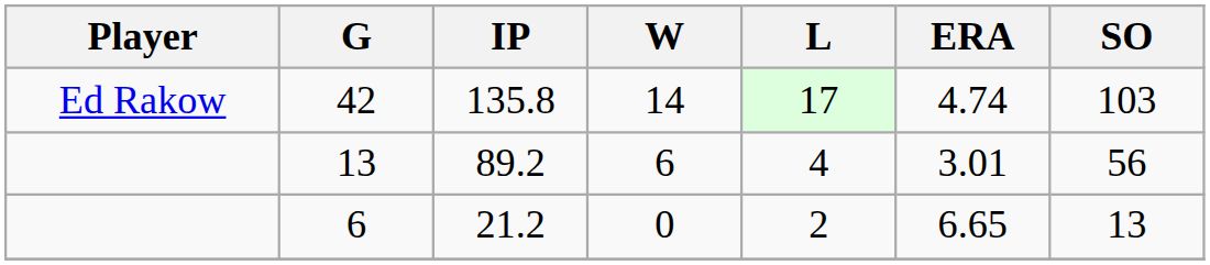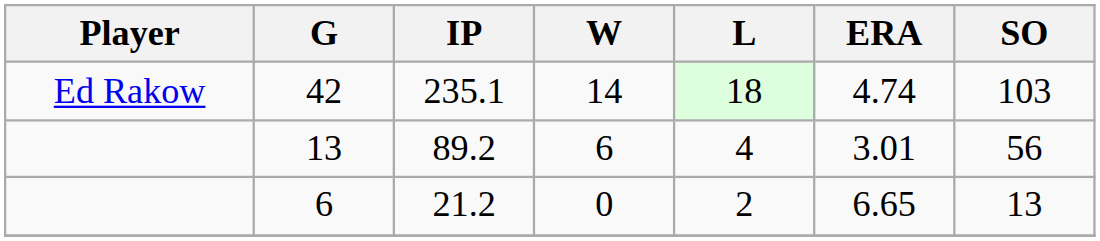 <table class="wikitable sortable">
 <tr>
 <th bgcolor="#DDDDFF" width="16%">Player</th>
 <th bgcolor="#DDDDFF" width="9%">G</th>
 <th bgcolor="#DDDDFF" width="9%">IP</th>
 <th bgcolor="#DDDDFF" width="9%">W</th>
 <th bgcolor="#DDDDFF" width="9%">L</th>
 <th bgcolor="#DDDDFF" width="9%">ERA</th>
 <th bgcolor="#DDDDFF" width="9%">SO</th>
 </tr>
 <tr align="center">
 <td><a href='#'>Ed Rakow</a></td>
 <td>42</td>
-<td>135.8</td>
+<td>235.1</td>
 <td>14</td>
-<td style="background:#DDFFDD;">17</td>
+<td style="background:#DDFFDD;">18</td>
 <td>4.74</td>
 <td>103</td>
 </tr>
 <tr align=center>
 <td></td>
 <td>13</td>
 <td>89.2</td>
 <td>6</td>
 <td>4</td>
 <td>3.01</td>
 <td>56</td>
 </tr>
 <tr align="center">
 <td></td>
 <td>6</td>
 <td>21.2</td>
 <td>0</td>
 <td>2</td>
 <td>6.65</td>
 <td>13</td>
 </tr>
 <tr align="center">
 </tr>
 </table>
